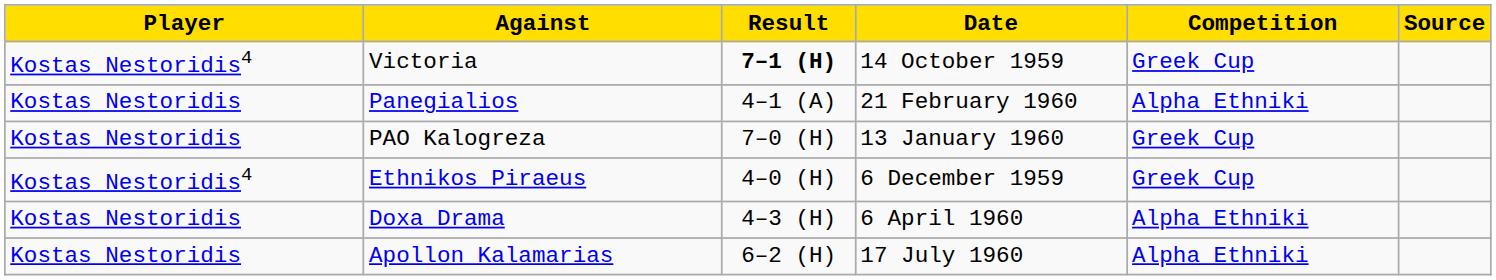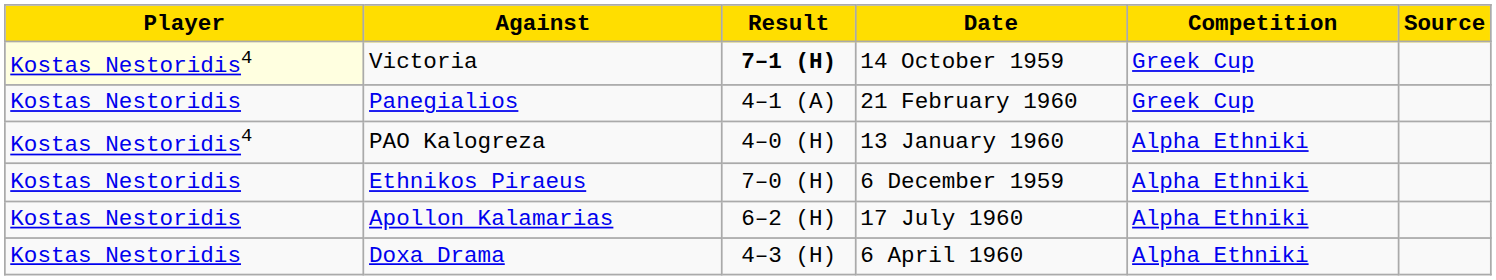 <table class="wikitable">
 <tr>
 <th width=200 style="background:#FFDE00">Player</th>
 <th width=200 style="background:#FFDE00">Against</th>
 <th width=70 style="background:#FFDE00">Result</th>
 <th width=150 style="background:#FFDE00">Date</th>
 <th width=150 style="background:#FFDE00">Competition</th>
 <th style="background:#FFDE00">Source</th>
 </tr>
 <tr>
-<td> <a href='#'>Kostas Nestoridis</a><sup>4</sup></td>
+<td style="background: lightyellow;"> <a href='#'>Kostas Nestoridis</a><sup>4</sup></td>
 <td> Victoria</td>
 <td align=center><strong>7–1 (H)</strong></td>
 <td>14 October 1959</td>
 <td><a href='#'>Greek Cup</a></td>
 <td align=center></td>
 </tr>
 <tr>
 <td> <a href='#'>Kostas Nestoridis</a></td>
 <td> <a href='#'>Panegialios</a></td>
 <td align=center>4–1 (A)</td>
 <td>21 February 1960</td>
+<td><a href='#'>Greek Cup</a></td>
+<td align=center></td>
+</tr>
+<tr>
+<td> <a href='#'>Kostas Nestoridis</a><sup>4</sup></td>
+<td> PAO Kalogreza</td>
+<td align=center>4–0 (H)</td>
+<td>13 January 1960</td>
 <td><a href='#'>Alpha Ethniki</a></td>
 <td align=center></td>
 </tr>
 <tr>
 <td> <a href='#'>Kostas Nestoridis</a></td>
-<td> PAO Kalogreza</td>
+<td> <a href='#'>Ethnikos Piraeus</a></td>
 <td align=center>7–0 (H)</td>
-<td>13 January 1960</td>
-<td><a href='#'>Greek Cup</a></td>
-<td align=center></td>
-</tr>
-<tr>
-<td> <a href='#'>Kostas Nestoridis</a><sup>4</sup></td>
-<td> <a href='#'>Ethnikos Piraeus</a></td>
-<td align=center>4–0 (H)</td>
 <td>6 December 1959</td>
-<td><a href='#'>Greek Cup</a></td>
-<td align=center></td>
-</tr>
-<tr>
-<td> <a href='#'>Kostas Nestoridis</a></td>
-<td> <a href='#'>Doxa Drama</a></td>
-<td align=center>4–3 (H)</td>
-<td>6 April 1960</td>
 <td><a href='#'>Alpha Ethniki</a></td>
 <td align=center></td>
 </tr>
 <tr>
 <td> <a href='#'>Kostas Nestoridis</a></td>
 <td> <a href='#'>Apollon Kalamarias</a></td>
 <td align=center>6–2 (H)</td>
 <td>17 July 1960</td>
 <td><a href='#'>Alpha Ethniki</a></td>
 <td align=center></td>
 </tr>
+<tr>
+<td> <a href='#'>Kostas Nestoridis</a></td>
+<td> <a href='#'>Doxa Drama</a></td>
+<td align=center>4–3 (H)</td>
+<td>6 April 1960</td>
+<td><a href='#'>Alpha Ethniki</a></td>
+<td align=center></td>
+</tr>
 </table>
